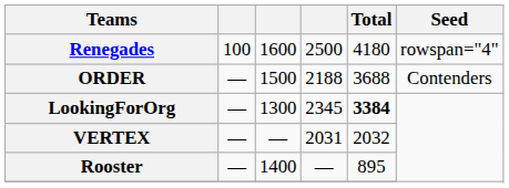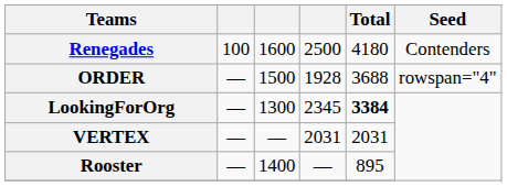 <table class="wikitable plainrowheaders" style="text-align:center;">
 <tr>
 <th scope="col" style="width:11em;">Teams</th>
 <th scope="col"></th>
 <th scope="col"></th>
 <th scope="col"></th>
 <th scope="col">Total</th>
 <th scope="col">Seed</th>
 </tr>
 <tr>
 <th scope="row"><a href='#'>Renegades</a></th>
 <td>100</td>
 <td>1600</td>
 <td>2500</td>
 <td>4180</td>
-<td>rowspan="4" </td>
+<td>Contenders</td>
 </tr>
 <tr>
 <th scope="row">ORDER</th>
 <td>—</td>
 <td>1500</td>
-<td>2188</td>
+<td>1928</td>
 <td>3688</td>
-<td>Contenders</td>
+<td>rowspan="4" </td>
 </tr>
 <tr>
 <th scope="row">LookingForOrg</th>
 <td>—</td>
 <td>1300</td>
 <td>2345</td>
 <td><strong>3384</strong></td>
 </tr>
 <tr>
 <th scope="row">VERTEX</th>
 <td>—</td>
 <td>—</td>
 <td>2031</td>
-<td>2032</td>
+<td>2031</td>
 </tr>
 <tr>
 <th scope="row">Rooster</th>
 <td>—</td>
 <td>1400</td>
 <td>—</td>
 <td>895</td>
 </tr>
 <tr>
 </tr>
 </table>
